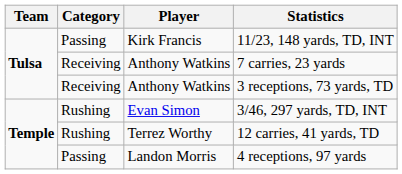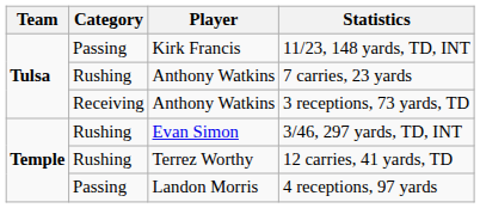 <table class="wikitable" style="float: right;">
 <tr>
 <th>Team</th>
 <th>Category</th>
 <th>Player</th>
 <th>Statistics</th>
 </tr>
 <tr>
 <td rowspan=3><strong>Tulsa</strong></td>
 <td>Passing</td>
 <td>Kirk Francis</td>
 <td>11/23, 148 yards, TD, INT</td>
 </tr>
 <tr>
-<td>Receiving</td>
+<td>Rushing</td>
 <td>Anthony Watkins</td>
 <td>7 carries, 23 yards</td>
 </tr>
 <tr>
 <td>Receiving</td>
 <td>Anthony Watkins</td>
 <td>3 receptions, 73 yards, TD</td>
 </tr>
 <tr>
 <td rowspan=3><strong>Temple</strong></td>
 <td>Rushing</td>
 <td><a href='#'>Evan Simon</a></td>
 <td>3/46, 297 yards, TD, INT</td>
 </tr>
 <tr>
 <td>Rushing</td>
 <td>Terrez Worthy</td>
 <td>12 carries, 41 yards, TD</td>
 </tr>
 <tr>
 <td>Passing</td>
 <td>Landon Morris</td>
 <td>4 receptions, 97 yards</td>
 </tr>
 </table>
